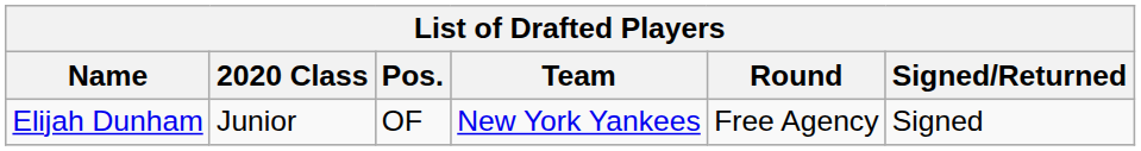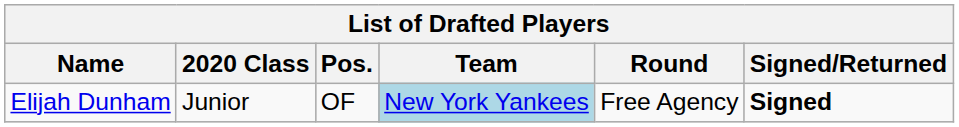 <table class="wikitable collapsible">
 <tr>
 <th colspan="7">List of Drafted Players</th>
 </tr>
 <tr>
 <th>Name</th>
 <th>2020 Class</th>
 <th>Pos.</th>
 <th>Team</th>
 <th>Round</th>
 <th>Signed/Returned</th>
 </tr>
 <tr>
 <td><a href='#'>Elijah Dunham</a></td>
 <td>Junior</td>
 <td>OF</td>
-<td><a href='#'>New York Yankees</a></td>
+<td style="background: lightblue;"><a href='#'>New York Yankees</a></td>
 <td>Free Agency</td>
-<td>Signed</td>
+<td><strong>Signed</strong></td>
 </tr>
 </table>
